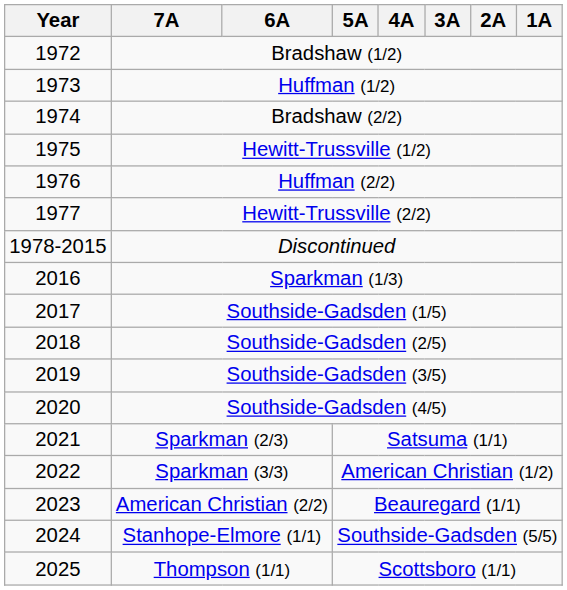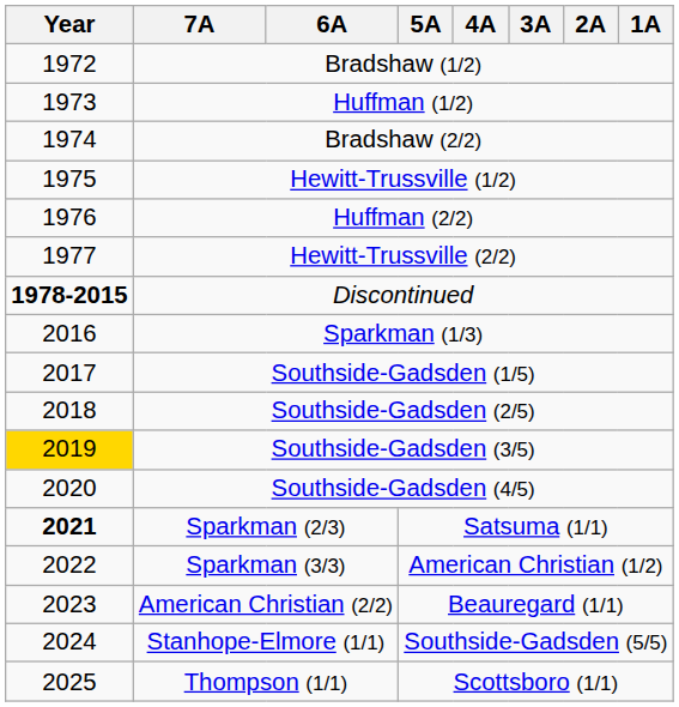 <table class="wikitable" style="text-align:center">
 <tr>
 <th>Year</th>
 <th>7A</th>
 <th>6A</th>
 <th>5A</th>
 <th>4A</th>
 <th>3A</th>
 <th>2A</th>
 <th>1A</th>
 </tr>
 <tr>
 <td>1972</td>
 <td colspan="7">Bradshaw <small>(1/2)</small></td>
 </tr>
 <tr>
 <td>1973</td>
 <td colspan="7"><a href='#'>Huffman</a> <small>(1/2)</small></td>
 </tr>
 <tr>
 <td>1974</td>
 <td colspan="7">Bradshaw <small>(2/2)</small></td>
 </tr>
 <tr>
 <td>1975</td>
 <td colspan="7"><a href='#'>Hewitt-Trussville</a> <small>(1/2)</small></td>
 </tr>
 <tr>
 <td>1976</td>
 <td colspan="7"><a href='#'>Huffman</a> <small>(2/2)</small></td>
 </tr>
 <tr>
 <td>1977</td>
 <td colspan="7"><a href='#'>Hewitt-Trussville</a> <small>(2/2)</small></td>
 </tr>
 <tr>
-<td>1978-2015</td>
+<td><strong>1978-2015</strong></td>
 <td colspan="7"><em>Discontinued</em></td>
 </tr>
 <tr>
 <td>2016</td>
 <td colspan="7"><a href='#'>Sparkman</a> <small>(1/3)</small></td>
 </tr>
 <tr>
 <td>2017</td>
 <td colspan="7"><a href='#'>Southside-Gadsden</a> <small>(1/5)</small></td>
 </tr>
 <tr>
 <td>2018</td>
 <td colspan="7"><a href='#'>Southside-Gadsden</a> <small>(2/5)</small></td>
 </tr>
 <tr>
-<td>2019</td>
+<td style="background: gold;">2019</td>
 <td colspan="7"><a href='#'>Southside-Gadsden</a> <small>(3/5)</small></td>
 </tr>
 <tr>
 <td>2020</td>
 <td colspan="7"><a href='#'>Southside-Gadsden</a> <small>(4/5)</small></td>
 </tr>
 <tr>
-<td>2021</td>
+<td><strong>2021</strong></td>
 <td colspan="2"><a href='#'>Sparkman</a> <small>(2/3)</small></td>
 <td colspan="5"><a href='#'>Satsuma</a> <small>(1/1)</small></td>
 </tr>
 <tr>
 <td>2022</td>
 <td colspan="2"><a href='#'>Sparkman</a> <small>(3/3)</small></td>
 <td colspan="5"><a href='#'>American Christian</a> <small>(1/2)</small></td>
 </tr>
 <tr>
 <td>2023</td>
 <td colspan="2"><a href='#'>American Christian</a> <small>(2/2)</small></td>
 <td colspan="5"><a href='#'>Beauregard</a> <small>(1/1)</small></td>
 </tr>
 <tr>
 <td>2024</td>
 <td colspan="2"><a href='#'>Stanhope-Elmore</a> <small>(1/1)</small></td>
 <td colspan="5"><a href='#'>Southside-Gadsden</a> <small>(5/5)</small></td>
 </tr>
 <tr>
 <td>2025</td>
 <td colspan="2"><a href='#'>Thompson</a> <small>(1/1)</small></td>
 <td colspan="5"><a href='#'>Scottsboro</a> <small>(1/1)</small></td>
 </tr>
 </table>
